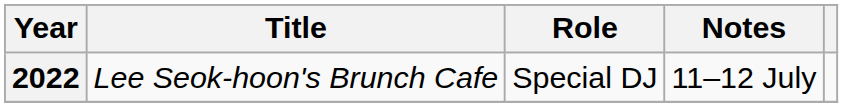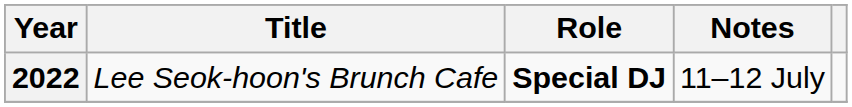 <table class="wikitable plainrowheaders sortable">
 <tr>
 <th scope="col">Year</th>
 <th scope="col">Title</th>
 <th scope="col">Role</th>
 <th scope="col" class="unsortable">Notes</th>
 <th scope="col" class="unsortable"></th>
 </tr>
 <tr>
 <th scope="row">2022</th>
 <td><em>Lee Seok-hoon's Brunch Cafe</em></td>
-<td>Special DJ</td>
+<td><strong>Special DJ</strong></td>
 <td>11–12 July</td>
 <td style="text-align:center"></td>
 </tr>
 <tr>
 </tr>
 </table>
